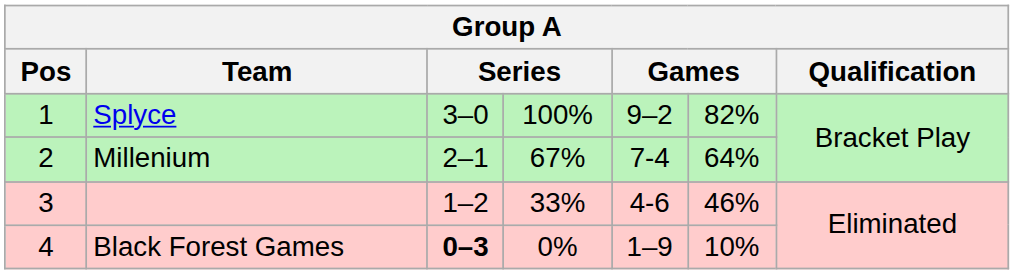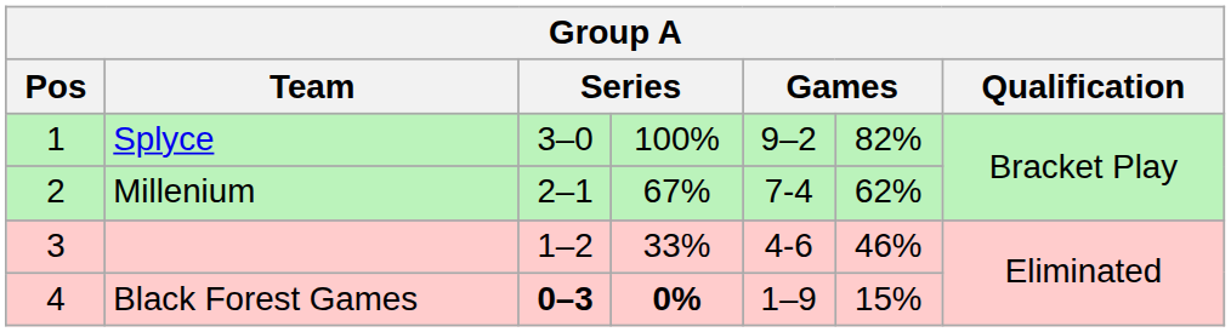 <table class="wikitable" style="display: inline-table;width: 46%;">
 <tr>
 <th colspan="7">Group A</th>
 </tr>
 <tr>
 <th>Pos</th>
 <th>Team</th>
 <th colspan="2">Series</th>
 <th colspan="2">Games</th>
 <th>Qualification</th>
 </tr>
 <tr>
 <td style="text-align:center; background:#BBF3BB;">1</td>
 <td style="text-align:left; background:#BBF3BB;"><a href='#'>Splyce</a></td>
 <td style="text-align:center; background:#BBF3BB;">3–0</td>
 <td style="text-align:center; background:#BBF3BB;">100%</td>
 <td style="text-align:center; background:#BBF3BB;">9–2</td>
 <td style="text-align:center; background:#BBF3BB;">82%</td>
 <td style="text-align:center; background:#BBF3BB;" rowspan="2">Bracket Play</td>
 </tr>
 <tr>
 <td style="text-align:center; background:#BBF3BB;">2</td>
 <td style="text-align:left; background:#BBF3BB;">Millenium</td>
 <td style="text-align:center; background:#BBF3BB;">2–1</td>
 <td style="text-align:center; background:#BBF3BB;">67%</td>
 <td style="text-align:center; background:#BBF3BB;">7-4</td>
-<td style="text-align:center; background:#BBF3BB;">64%</td>
+<td style="text-align:center; background:#BBF3BB;">62%</td>
 </tr>
 <tr>
 <td style="text-align:center; background:#FFCCCC;">3</td>
 <td style="text-align:left; background:#FFCCCC;"></td>
 <td style="text-align:center; background:#FFCCCC;">1–2</td>
 <td style="text-align:center; background:#FFCCCC;">33%</td>
 <td style="text-align:center; background:#FFCCCC;">4-6</td>
 <td style="text-align:center; background:#FFCCCC;">46%</td>
 <td style="text-align:center; background:#FFCCCC;" rowspan="2">Eliminated</td>
 </tr>
 <tr>
 <td style="text-align:center; background:#FFCCCC;">4</td>
 <td style="text-align:left; background:#FFCCCC;">Black Forest Games</td>
 <td style="text-align:center; background:#FFCCCC;"><strong>0–3</strong></td>
-<td style="text-align:center; background:#FFCCCC;">0%</td>
+<td style="text-align:center; background:#FFCCCC;"><strong>0%</strong></td>
 <td style="text-align:center; background:#FFCCCC;">1–9</td>
-<td style="text-align:center; background:#FFCCCC;">10%</td>
+<td style="text-align:center; background:#FFCCCC;">15%</td>
 </tr>
 </table>
